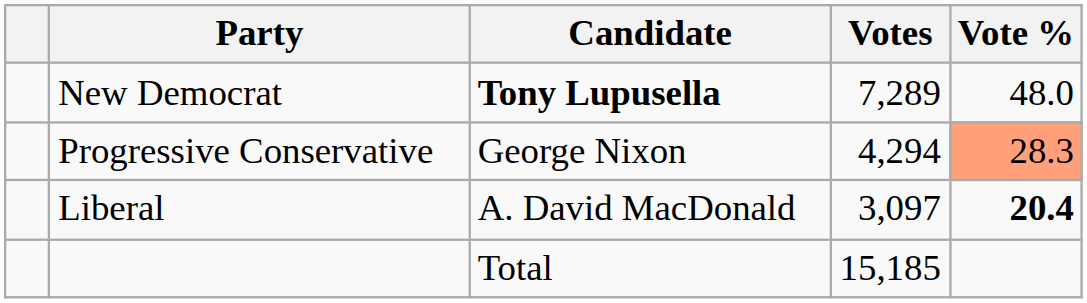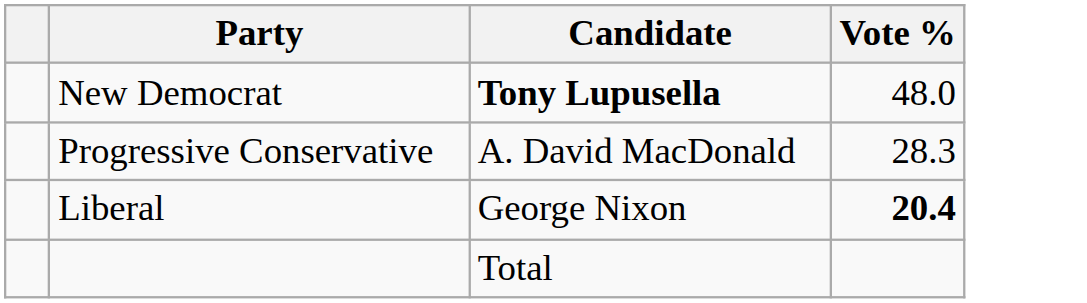 <table class="wikitable">
 <tr>
 <th></th>
 <th scope="col" width="175">Party</th>
 <th scope="col" width="150">Candidate</th>
-<th>Votes</th>
 <th>Vote %</th>
 </tr>
 <tr>
 <td>   </td>
 <td>New Democrat</td>
 <td><strong>Tony Lupusella</strong></td>
-<td align=right>7,289</td>
 <td align=right>48.0</td>
 </tr>
 <tr |>
 <td>   </td>
 <td>Progressive Conservative</td>
-<td>George Nixon</td>
-<td align=right>4,294</td>
-<td align=right style="background: lightsalmon;">28.3</td>
+<td>A. David MacDonald</td>
+<td align=right>28.3</td>
 </tr>
 <tr |>
 <td>   </td>
 <td>Liberal</td>
-<td>A. David MacDonald</td>
-<td align=right>3,097</td>
+<td>George Nixon</td>
 <td align=right><strong>20.4<br> </strong></td>
 </tr>
 <tr>
 <td></td>
 <td></td>
 <td>Total</td>
-<td align=right>15,185</td>
 <td></td>
 </tr>
 </table>
